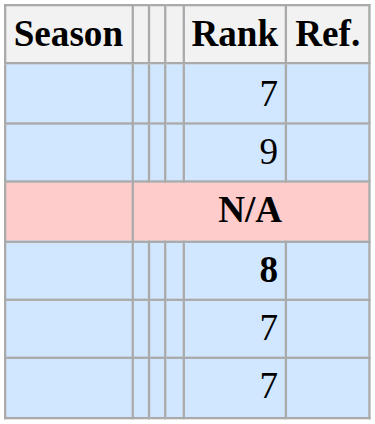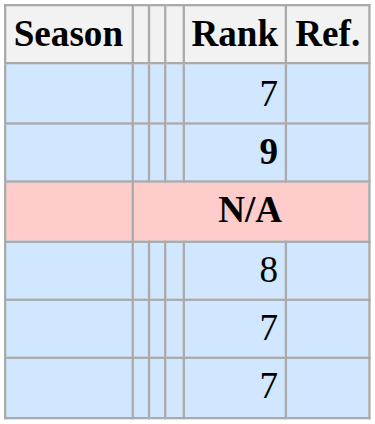 <table class="wikitable plainrowheaders sortable">
 <tr>
 <th scope=col>Season</th>
 <th scope=col></th>
 <th scope=col></th>
 <th scope=col></th>
 <th scope=col>Rank</th>
 <th scope=col class="unsortable">Ref.</th>
 </tr>
 <tr style="background-color: #D0E7FF">
 <th scope=row style="background-color: #D0E7FF" align=right></th>
 <td align=right></td>
 <td align=right></td>
 <td align=right></td>
 <td align=right>7</td>
 <td align=center></td>
 </tr>
 <tr style="background-color: #D0E7FF">
 <th scope=row style="background-color: #D0E7FF" align=right></th>
 <td align=right></td>
 <td align=right></td>
 <td align=right></td>
-<td align=right>9</td>
+<td align=right><strong>9</strong></td>
 <td align=center></td>
 </tr>
 <tr style="background-color: #FFCCCC">
 <th scope=row style="background-color: #FFCCCC" align=right></th>
 <th colspan="5" style="background-color: #FFCCCC">N/A</th>
 </tr>
 <tr style="background-color: #D0E7FF">
 <th scope=row style="background-color: #D0E7FF" align=right></th>
 <td align=right></td>
 <td align=right></td>
 <td align=right></td>
-<td align=right><strong>8</strong></td>
+<td align=right>8</td>
 <td align=center></td>
 </tr>
 <tr style="background-color: #D0E7FF">
 <th scope=row style="background-color: #D0E7FF" align=right></th>
 <td align=right></td>
 <td align=right></td>
 <td align=right></td>
 <td align=right>7</td>
 <td align=center></td>
 </tr>
 <tr style="background-color: #D0E7FF">
 <th scope=row style="background-color: #D0E7FF" align=right></th>
 <td align=right></td>
 <td align=right></td>
 <td align=right></td>
 <td align=right>7</td>
 <td align=center></td>
 </tr>
 </table>
